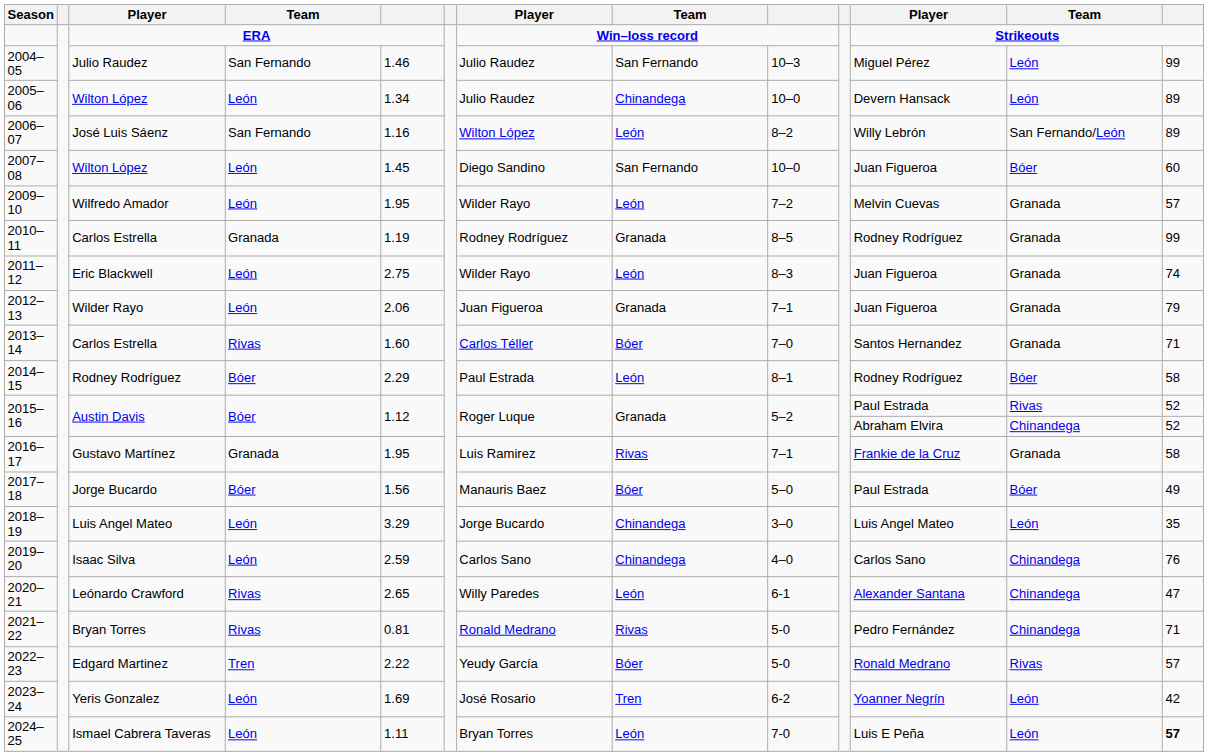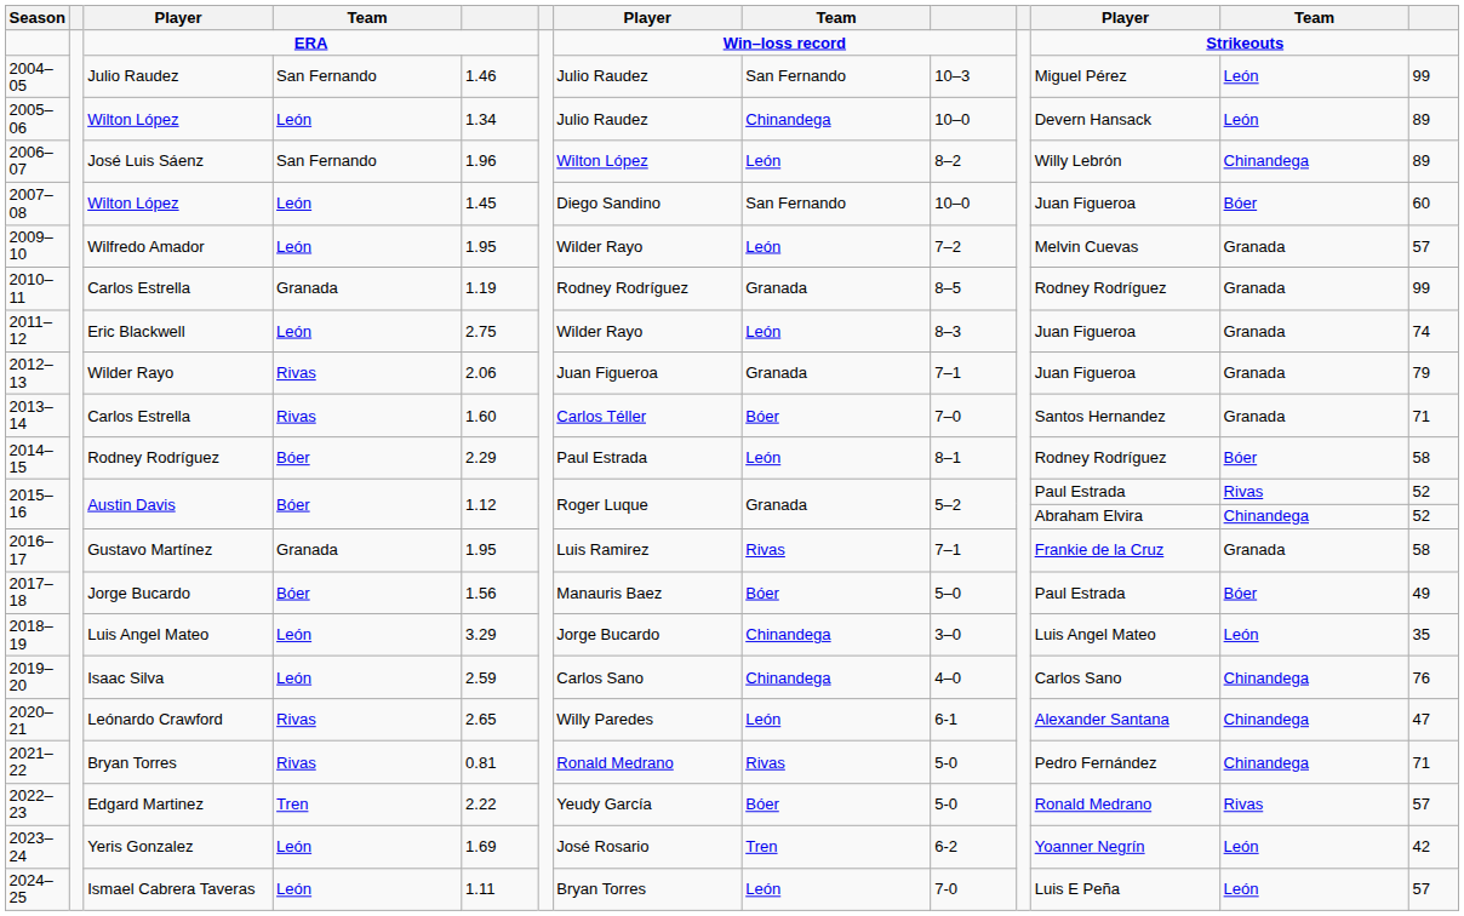 <table class="wikitable sortable" style="clear: both; font-size:85%" ">
 <tr style="text-align:center;">
 <th width=4%>Season</th>
 <th width=1% class=unsortable style="border-top:none;border-bottom:none;"></th>
 <th width=13%>Player</th>
 <th width=13%>Team</th>
 <th></th>
 <th width=1% class=unsortable style="border-top:none;border-bottom:none;"></th>
 <th width=13%>Player</th>
 <th width=13%>Team</th>
 <th></th>
 <th width=1% class=unsortable style="border-top:none;border-bottom:none;"></th>
 <th width=13%>Player</th>
 <th width=13%>Team</th>
 <th></th>
 </tr>
 <tr>
 <td></td>
 <td style="border-bottom:none;"></td>
 <td colspan="3" style="text-align:center;"><strong><a href='#'>ERA</a></strong></td>
 <td style="border-bottom:none;"></td>
 <td colspan="3" style="text-align:center;"><strong><a href='#'>Win–loss record</a></strong></td>
 <td style="border-bottom:none;"></td>
 <td colspan="3" style="text-align:center;"><strong><a href='#'>Strikeouts</a></strong></td>
 </tr>
 <tr>
 <td>2004–05</td>
 <td width=1% class=unsortable rowspan=28 style="border-top:none;border-bottom:none;"></td>
 <td>Julio Raudez</td>
 <td>San Fernando</td>
 <td>1.46</td>
 <td width=1% class=unsortable rowspan=28 style="border-top:none;border-bottom:none;"></td>
 <td>Julio Raudez</td>
 <td>San Fernando</td>
 <td>10–3</td>
 <td width=1% class=unsortable rowspan=28 style="border-top:none;border-bottom:none;"></td>
 <td>Miguel Pérez</td>
 <td><a href='#'>León</a></td>
 <td>99</td>
 </tr>
 <tr>
 <td>2005–06</td>
 <td><a href='#'>Wilton López</a></td>
 <td><a href='#'>León</a></td>
 <td>1.34</td>
 <td>Julio Raudez</td>
 <td><a href='#'>Chinandega</a></td>
 <td>10–0</td>
 <td>Devern Hansack</td>
 <td><a href='#'>León</a></td>
 <td>89</td>
 </tr>
 <tr>
 <td>2006–07</td>
 <td>José Luis Sáenz</td>
 <td>San Fernando</td>
-<td>1.16</td>
+<td>1.96</td>
 <td><a href='#'>Wilton López</a></td>
 <td><a href='#'>León</a></td>
 <td>8–2</td>
 <td>Willy Lebrón</td>
-<td>San Fernando/<a href='#'>León</a></td>
+<td><a href='#'>Chinandega</a></td>
 <td>89</td>
 </tr>
 <tr>
 <td>2007–08</td>
 <td><a href='#'>Wilton López</a></td>
 <td><a href='#'>León</a></td>
 <td>1.45</td>
 <td>Diego Sandino</td>
 <td>San Fernando</td>
 <td>10–0</td>
 <td>Juan Figueroa</td>
 <td><a href='#'>Bóer</a></td>
 <td>60</td>
 </tr>
 <tr>
 <td>2009–10</td>
 <td>Wilfredo Amador</td>
 <td><a href='#'>León</a></td>
 <td>1.95</td>
 <td>Wilder Rayo</td>
 <td><a href='#'>León</a></td>
 <td>7–2</td>
 <td>Melvin Cuevas</td>
 <td>Granada</td>
 <td>57</td>
 </tr>
 <tr>
 <td>2010–11</td>
 <td>Carlos Estrella</td>
 <td>Granada</td>
 <td>1.19</td>
 <td>Rodney Rodríguez</td>
 <td>Granada</td>
 <td>8–5</td>
 <td>Rodney Rodríguez</td>
 <td>Granada</td>
 <td>99</td>
 </tr>
 <tr>
 <td>2011–12</td>
 <td>Eric Blackwell</td>
 <td><a href='#'>León</a></td>
 <td>2.75</td>
 <td>Wilder Rayo</td>
 <td><a href='#'>León</a></td>
 <td>8–3</td>
 <td>Juan Figueroa</td>
 <td>Granada</td>
 <td>74</td>
 </tr>
 <tr>
 <td>2012–13</td>
 <td>Wilder Rayo</td>
-<td><a href='#'>León</a></td>
+<td><a href='#'>Rivas</a></td>
 <td>2.06</td>
 <td>Juan Figueroa</td>
 <td>Granada</td>
 <td>7–1</td>
 <td>Juan Figueroa</td>
 <td>Granada</td>
 <td>79</td>
 </tr>
 <tr>
 <td>2013–14</td>
 <td>Carlos Estrella</td>
 <td><a href='#'>Rivas</a></td>
 <td>1.60</td>
 <td><a href='#'>Carlos Téller</a></td>
 <td><a href='#'>Bóer</a></td>
 <td>7–0</td>
 <td>Santos Hernandez</td>
 <td>Granada</td>
 <td>71</td>
 </tr>
 <tr>
 <td>2014–15</td>
 <td>Rodney Rodríguez</td>
 <td><a href='#'>Bóer</a></td>
 <td>2.29</td>
 <td>Paul Estrada</td>
 <td><a href='#'>León</a></td>
 <td>8–1</td>
 <td>Rodney Rodríguez</td>
 <td><a href='#'>Bóer</a></td>
 <td>58</td>
 </tr>
 <tr>
 <td rowspan=2>2015–16</td>
 <td rowspan=2><a href='#'>Austin Davis</a></td>
 <td rowspan=2><a href='#'>Bóer</a></td>
 <td rowspan=2>1.12</td>
 <td rowspan=2>Roger Luque</td>
 <td rowspan=2>Granada</td>
 <td rowspan=2>5–2</td>
 <td>Paul Estrada</td>
 <td><a href='#'>Rivas</a></td>
 <td>52</td>
 </tr>
 <tr>
 <td>Abraham Elvira</td>
 <td><a href='#'>Chinandega</a></td>
 <td>52</td>
 </tr>
 <tr>
 <td>2016–17</td>
 <td>Gustavo Martínez</td>
 <td>Granada</td>
 <td>1.95</td>
 <td>Luis Ramirez</td>
 <td><a href='#'>Rivas</a></td>
 <td>7–1</td>
 <td><a href='#'>Frankie de la Cruz</a></td>
 <td>Granada</td>
 <td>58</td>
 </tr>
 <tr>
 <td>2017–18</td>
 <td>Jorge Bucardo</td>
 <td><a href='#'>Bóer</a></td>
 <td>1.56</td>
 <td>Manauris Baez</td>
 <td><a href='#'>Bóer</a></td>
 <td>5–0</td>
 <td>Paul Estrada</td>
 <td><a href='#'>Bóer</a></td>
 <td>49</td>
 </tr>
 <tr>
 <td>2018–19</td>
 <td>Luis Angel Mateo</td>
 <td><a href='#'>León</a></td>
 <td>3.29</td>
 <td>Jorge Bucardo</td>
 <td><a href='#'>Chinandega</a></td>
 <td>3–0</td>
 <td>Luis Angel Mateo</td>
 <td><a href='#'>León</a></td>
 <td>35</td>
 </tr>
 <tr>
 <td>2019–20</td>
 <td>Isaac Silva</td>
 <td><a href='#'>León</a></td>
 <td>2.59</td>
 <td>Carlos Sano</td>
 <td><a href='#'>Chinandega</a></td>
 <td>4–0</td>
 <td>Carlos Sano</td>
 <td><a href='#'>Chinandega</a></td>
 <td>76</td>
 </tr>
 <tr>
 <td>2020–21</td>
 <td>Leónardo Crawford</td>
 <td><a href='#'>Rivas</a></td>
 <td>2.65</td>
 <td>Willy Paredes</td>
 <td><a href='#'>León</a></td>
 <td>6-1</td>
 <td><a href='#'>Alexander Santana</a></td>
 <td><a href='#'>Chinandega</a></td>
 <td>47</td>
 </tr>
 <tr>
 <td>2021–22</td>
 <td>Bryan Torres</td>
 <td><a href='#'>Rivas</a></td>
 <td>0.81</td>
 <td><a href='#'>Ronald Medrano</a></td>
 <td><a href='#'>Rivas</a></td>
 <td>5-0</td>
 <td>Pedro Fernández</td>
 <td><a href='#'>Chinandega</a></td>
 <td>71</td>
 </tr>
 <tr>
 <td>2022–23</td>
 <td>Edgard Martinez</td>
 <td><a href='#'>Tren</a></td>
 <td>2.22</td>
 <td>Yeudy García</td>
 <td><a href='#'>Bóer</a></td>
 <td>5-0</td>
 <td><a href='#'>Ronald Medrano</a></td>
 <td><a href='#'>Rivas</a></td>
 <td>57</td>
 </tr>
 <tr>
 <td>2023–24</td>
 <td>Yeris Gonzalez</td>
 <td><a href='#'>León</a></td>
 <td>1.69</td>
 <td>José Rosario</td>
 <td><a href='#'>Tren</a></td>
 <td>6-2</td>
 <td><a href='#'>Yoanner Negrín</a></td>
 <td><a href='#'>León</a></td>
 <td>42</td>
 </tr>
 <tr>
 <td>2024–25</td>
 <td>Ismael Cabrera Taveras</td>
 <td><a href='#'>León</a></td>
 <td>1.11</td>
 <td>Bryan Torres</td>
 <td><a href='#'>León</a></td>
 <td>7-0</td>
 <td>Luis E Peña</td>
 <td><a href='#'>León</a></td>
-<td><strong>57</strong></td>
+<td>57</td>
 </tr>
 </table>
